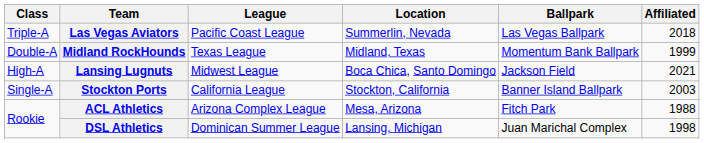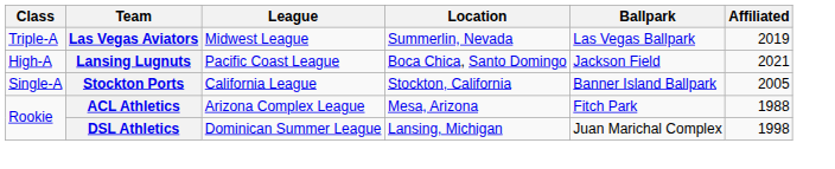 <table class="wikitable plainrowheaders sortable">
 <tr>
 <th scope="col">Class</th>
 <th scope="col">Team</th>
 <th scope="col">League</th>
 <th scope="col">Location</th>
 <th scope="col">Ballpark</th>
 <th scope="col">Affiliated</th>
 </tr>
 <tr>
 <td><a href='#'>Triple-A</a></td>
 <th scope="row"><a href='#'>Las Vegas Aviators</a></th>
-<td><a href='#'>Pacific Coast League</a></td>
+<td><a href='#'>Midwest League</a></td>
 <td><a href='#'>Summerlin, Nevada</a></td>
 <td><a href='#'>Las Vegas Ballpark</a></td>
-<td align="right">2018</td>
-</tr>
-<tr>
-<td><a href='#'>Double-A</a></td>
-<th scope="row"><a href='#'>Midland RockHounds</a></th>
-<td><a href='#'>Texas League</a></td>
-<td><a href='#'>Midland, Texas</a></td>
-<td><a href='#'>Momentum Bank Ballpark</a></td>
-<td align="right">1999</td>
+<td align="right">2019</td>
 </tr>
 <tr>
 <td><a href='#'>High-A</a></td>
 <th scope="row"><a href='#'>Lansing Lugnuts</a></th>
-<td><a href='#'>Midwest League</a></td>
+<td><a href='#'>Pacific Coast League</a></td>
 <td><a href='#'>Boca Chica</a>, <a href='#'>Santo Domingo</a></td>
 <td><a href='#'>Jackson Field</a></td>
 <td align="right">2021</td>
 </tr>
 <tr>
 <td><a href='#'>Single-A</a></td>
 <th scope="row"><a href='#'>Stockton Ports</a></th>
 <td><a href='#'>California League</a></td>
 <td><a href='#'>Stockton, California</a></td>
 <td><a href='#'>Banner Island Ballpark</a></td>
-<td align="right">2003</td>
+<td align="right">2005</td>
 </tr>
 <tr>
 <td rowspan=2><a href='#'>Rookie</a></td>
 <th scope="row"><a href='#'>ACL Athletics</a></th>
 <td><a href='#'>Arizona Complex League</a></td>
 <td><a href='#'>Mesa, Arizona</a></td>
 <td><a href='#'>Fitch Park</a></td>
 <td align="right">1988</td>
 </tr>
 <tr>
 <th scope="row"><a href='#'>DSL Athletics</a></th>
 <td><a href='#'>Dominican Summer League</a></td>
 <td><a href='#'>Lansing, Michigan</a></td>
 <td>Juan Marichal Complex</td>
 <td align="right">1998</td>
 </tr>
 </table>
